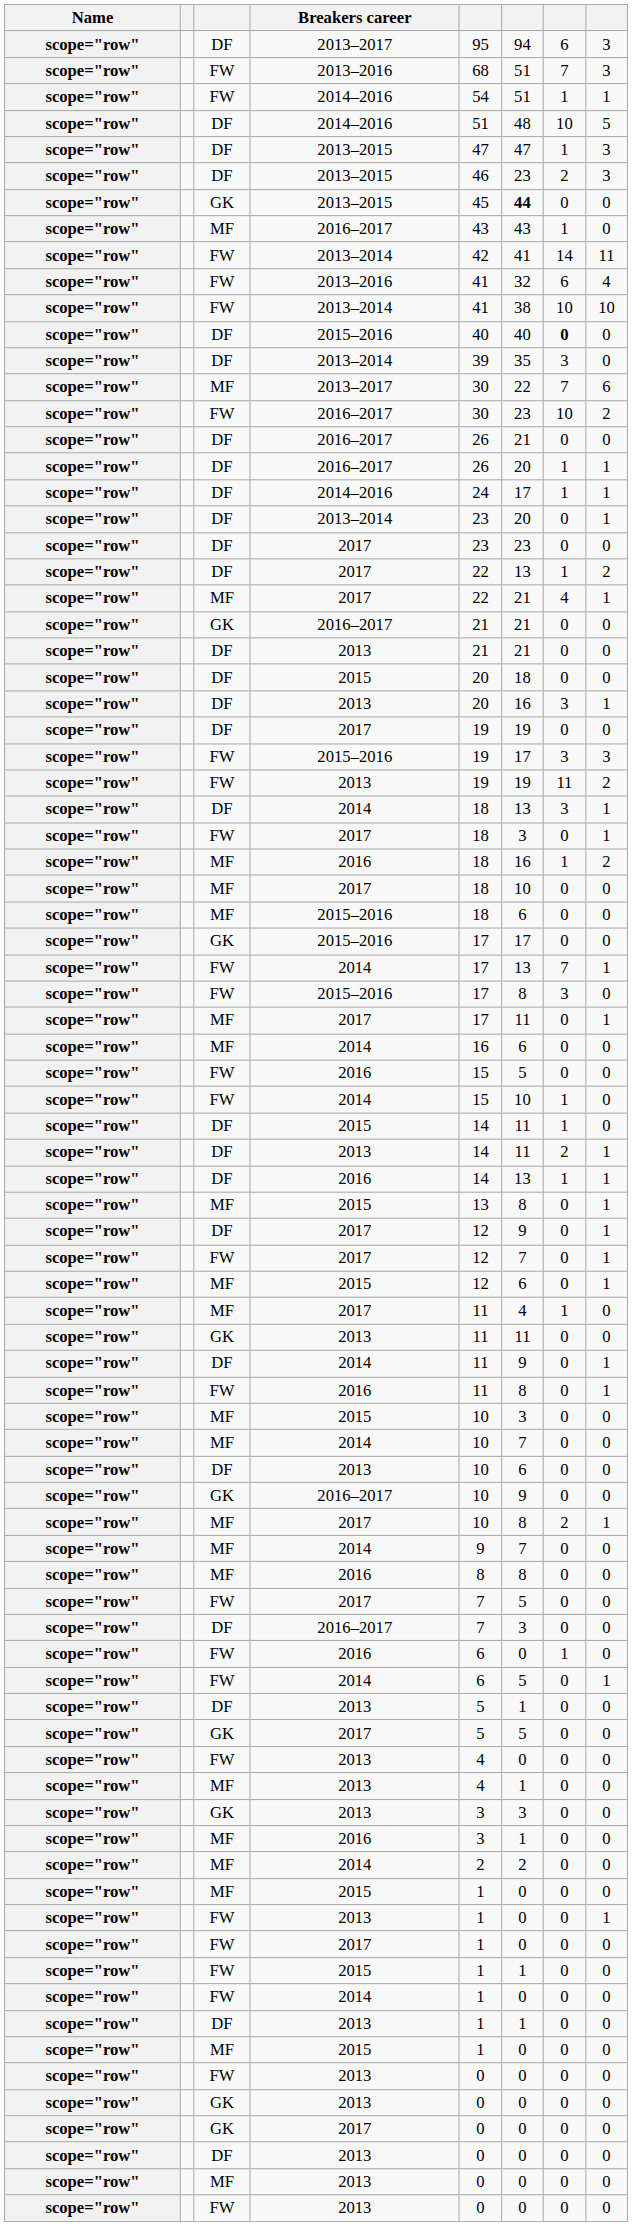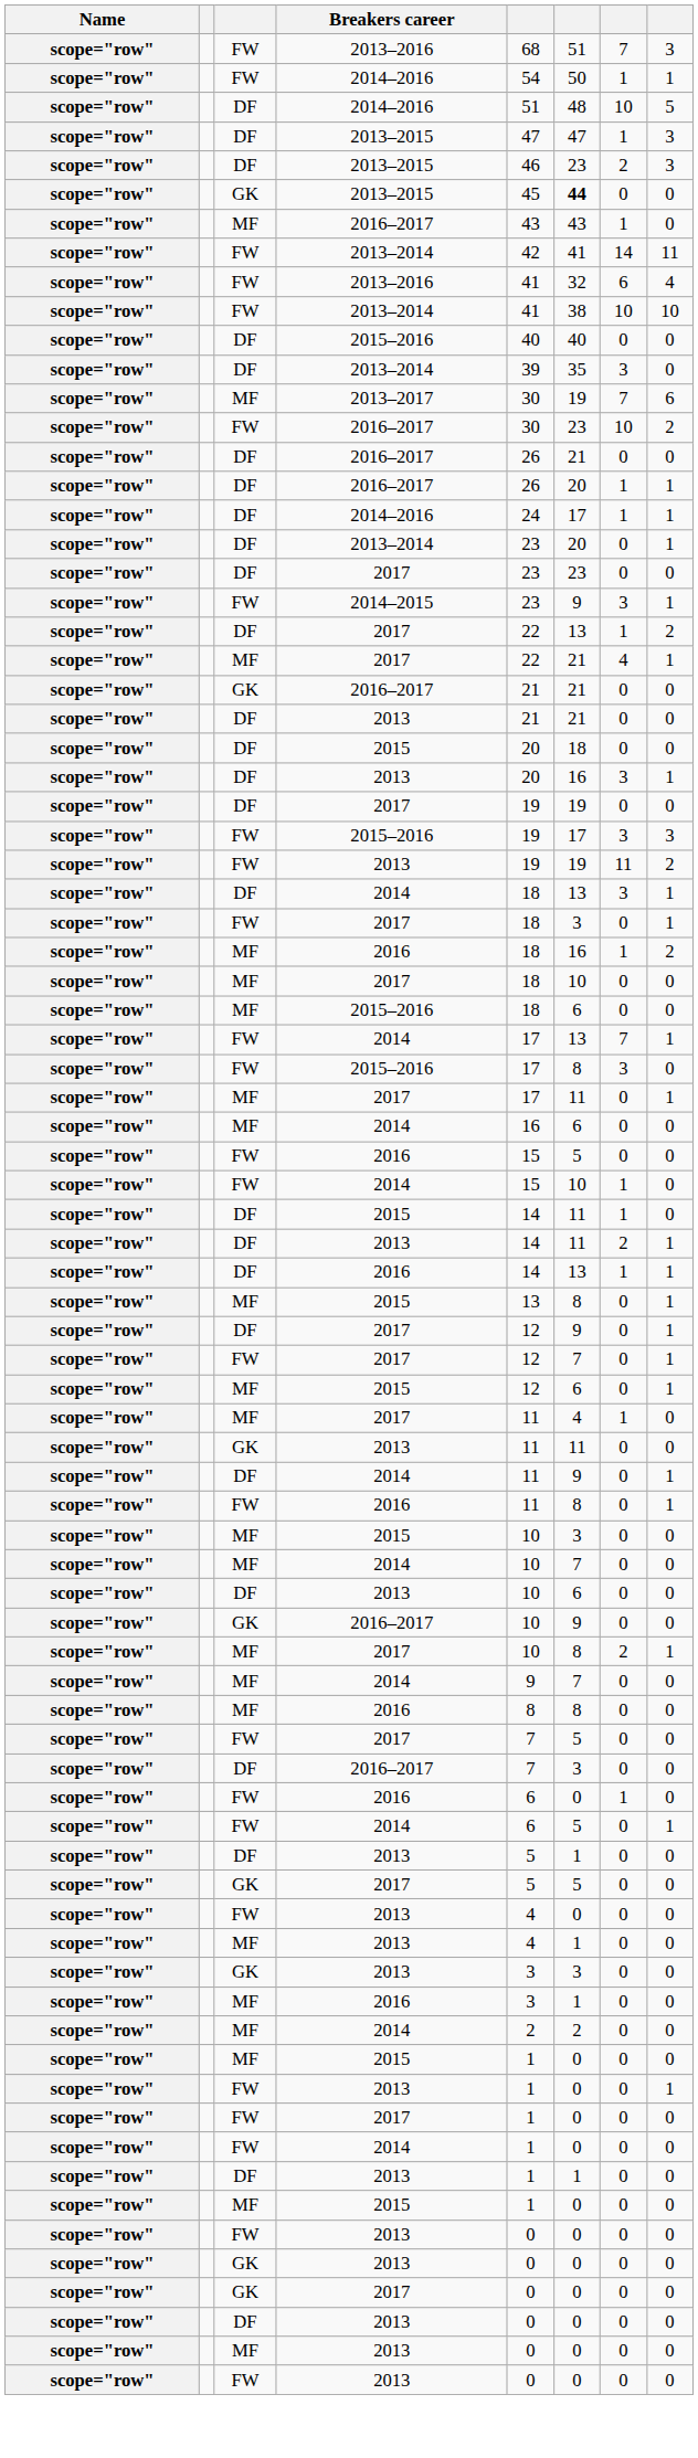 <table class="wikitable sortable" style="text-align:center;width:600px;">
 <tr>
 <th scope="col">Name</th>
 <th scope="col"></th>
 <th scope="col"></th>
 <th scope="col">Breakers career</th>
 <th scope="col"></th>
 <th scope="col"></th>
 <th scope="col"></th>
 <th scope="col"></th>
-</tr>
-<tr>
-<th>scope="row" </th>
-<td></td>
-<td>DF</td>
-<td>2013–2017</td>
-<td>95</td>
-<td>94</td>
-<td>6</td>
-<td>3</td>
 </tr>
 <tr>
 <th>scope="row" </th>
 <td></td>
 <td>FW</td>
 <td>2013–2016</td>
 <td>68</td>
 <td>51</td>
 <td>7</td>
 <td>3</td>
 </tr>
 <tr>
 <th>scope="row" </th>
 <td></td>
 <td>FW</td>
 <td>2014–2016</td>
 <td>54</td>
-<td>51</td>
+<td>50</td>
 <td>1</td>
 <td>1</td>
 </tr>
 <tr>
 <th>scope="row" </th>
 <td></td>
 <td>DF</td>
 <td>2014–2016</td>
 <td>51</td>
 <td>48</td>
 <td>10</td>
 <td>5</td>
 </tr>
 <tr>
 <th>scope="row" </th>
 <td></td>
 <td>DF</td>
 <td>2013–2015</td>
 <td>47</td>
 <td>47</td>
 <td>1</td>
 <td>3</td>
 </tr>
 <tr>
 <th>scope="row" </th>
 <td></td>
 <td>DF</td>
 <td>2013–2015</td>
 <td>46</td>
 <td>23</td>
 <td>2</td>
 <td>3</td>
 </tr>
 <tr>
 <th>scope="row" </th>
 <td></td>
 <td>GK</td>
 <td>2013–2015</td>
 <td>45</td>
 <td><strong>44</strong></td>
 <td>0</td>
 <td>0</td>
 </tr>
 <tr>
 <th>scope="row" </th>
 <td></td>
 <td>MF</td>
 <td>2016–2017</td>
 <td>43</td>
 <td>43</td>
 <td>1</td>
 <td>0</td>
 </tr>
 <tr>
 <th>scope="row" </th>
 <td></td>
 <td>FW</td>
 <td>2013–2014</td>
 <td>42</td>
 <td>41</td>
 <td>14</td>
 <td>11</td>
 </tr>
 <tr>
 <th>scope="row" </th>
 <td></td>
 <td>FW</td>
 <td>2013–2016</td>
 <td>41</td>
 <td>32</td>
 <td>6</td>
 <td>4</td>
 </tr>
 <tr>
 <th>scope="row" </th>
 <td></td>
 <td>FW</td>
 <td>2013–2014</td>
 <td>41</td>
 <td>38</td>
 <td>10</td>
 <td>10</td>
 </tr>
 <tr>
 <th>scope="row" </th>
 <td></td>
 <td>DF</td>
 <td>2015–2016</td>
 <td>40</td>
 <td>40</td>
-<td><strong>0</strong></td>
+<td>0</td>
 <td>0</td>
 </tr>
 <tr>
 <th>scope="row" </th>
 <td></td>
 <td>DF</td>
 <td>2013–2014</td>
 <td>39</td>
 <td>35</td>
 <td>3</td>
 <td>0</td>
 </tr>
 <tr>
 <th>scope="row" </th>
 <td></td>
 <td>MF</td>
 <td>2013–2017</td>
 <td>30</td>
-<td>22</td>
+<td>19</td>
 <td>7</td>
 <td>6</td>
 </tr>
 <tr>
 <th>scope="row" </th>
 <td></td>
 <td>FW</td>
 <td>2016–2017</td>
 <td>30</td>
 <td>23</td>
 <td>10</td>
 <td>2</td>
 </tr>
 <tr>
 <th>scope="row" </th>
 <td></td>
 <td>DF</td>
 <td>2016–2017</td>
 <td>26</td>
 <td>21</td>
 <td>0</td>
 <td>0</td>
 </tr>
 <tr>
 <th>scope="row" </th>
 <td></td>
 <td>DF</td>
 <td>2016–2017</td>
 <td>26</td>
 <td>20</td>
 <td>1</td>
 <td>1</td>
 </tr>
 <tr>
 <th>scope="row" </th>
 <td></td>
 <td>DF</td>
 <td>2014–2016</td>
 <td>24</td>
 <td>17</td>
 <td>1</td>
 <td>1</td>
 </tr>
 <tr>
 <th>scope="row" </th>
 <td></td>
 <td>DF</td>
 <td>2013–2014</td>
 <td>23</td>
 <td>20</td>
 <td>0</td>
 <td>1</td>
 </tr>
 <tr>
 <th>scope="row" </th>
 <td></td>
 <td>DF</td>
 <td>2017</td>
 <td>23</td>
 <td>23</td>
 <td>0</td>
 <td>0</td>
+</tr>
+<tr>
+<th>scope="row" </th>
+<td></td>
+<td>FW</td>
+<td>2014–2015</td>
+<td>23</td>
+<td>9</td>
+<td>3</td>
+<td>1</td>
 </tr>
 <tr>
 <th>scope="row" </th>
 <td></td>
 <td>DF</td>
 <td>2017</td>
 <td>22</td>
 <td>13</td>
 <td>1</td>
 <td>2</td>
 </tr>
 <tr>
 <th>scope="row" </th>
 <td></td>
 <td>MF</td>
 <td>2017</td>
 <td>22</td>
 <td>21</td>
 <td>4</td>
 <td>1</td>
 </tr>
 <tr>
 <th>scope="row" </th>
 <td></td>
 <td>GK</td>
 <td>2016–2017</td>
 <td>21</td>
 <td>21</td>
 <td>0</td>
 <td>0</td>
 </tr>
 <tr>
 <th>scope="row" </th>
 <td></td>
 <td>DF</td>
 <td>2013</td>
 <td>21</td>
 <td>21</td>
 <td>0</td>
 <td>0</td>
 </tr>
 <tr>
 <th>scope="row" </th>
 <td></td>
 <td>DF</td>
 <td>2015</td>
 <td>20</td>
 <td>18</td>
 <td>0</td>
 <td>0</td>
 </tr>
 <tr>
 <th>scope="row" </th>
 <td></td>
 <td>DF</td>
 <td>2013</td>
 <td>20</td>
 <td>16</td>
 <td>3</td>
 <td>1</td>
 </tr>
 <tr>
 <th>scope="row" </th>
 <td></td>
 <td>DF</td>
 <td>2017</td>
 <td>19</td>
 <td>19</td>
 <td>0</td>
 <td>0</td>
 </tr>
 <tr>
 <th>scope="row" </th>
 <td></td>
 <td>FW</td>
 <td>2015–2016</td>
 <td>19</td>
 <td>17</td>
 <td>3</td>
 <td>3</td>
 </tr>
 <tr>
 <th>scope="row" </th>
 <td></td>
 <td>FW</td>
 <td>2013</td>
 <td>19</td>
 <td>19</td>
 <td>11</td>
 <td>2</td>
 </tr>
 <tr>
 <th>scope="row" </th>
 <td></td>
 <td>DF</td>
 <td>2014</td>
 <td>18</td>
 <td>13</td>
 <td>3</td>
 <td>1</td>
 </tr>
 <tr>
 <th>scope="row" </th>
 <td></td>
 <td>FW</td>
 <td>2017</td>
 <td>18</td>
 <td>3</td>
 <td>0</td>
 <td>1</td>
 </tr>
 <tr>
 <th>scope="row" </th>
 <td></td>
 <td>MF</td>
 <td>2016</td>
 <td>18</td>
 <td>16</td>
 <td>1</td>
 <td>2</td>
 </tr>
 <tr>
 <th>scope="row" </th>
 <td></td>
 <td>MF</td>
 <td>2017</td>
 <td>18</td>
 <td>10</td>
 <td>0</td>
 <td>0</td>
 </tr>
 <tr>
 <th>scope="row" </th>
 <td></td>
 <td>MF</td>
 <td>2015–2016</td>
 <td>18</td>
 <td>6</td>
-<td>0</td>
-<td>0</td>
-</tr>
-<tr>
-<th>scope="row" </th>
-<td></td>
-<td>GK</td>
-<td>2015–2016</td>
-<td>17</td>
-<td>17</td>
 <td>0</td>
 <td>0</td>
 </tr>
 <tr>
 <th>scope="row" </th>
 <td></td>
 <td>FW</td>
 <td>2014</td>
 <td>17</td>
 <td>13</td>
 <td>7</td>
 <td>1</td>
 </tr>
 <tr>
 <th>scope="row" </th>
 <td></td>
 <td>FW</td>
 <td>2015–2016</td>
 <td>17</td>
 <td>8</td>
 <td>3</td>
 <td>0</td>
 </tr>
 <tr>
 <th>scope="row" </th>
 <td></td>
 <td>MF</td>
 <td>2017</td>
 <td>17</td>
 <td>11</td>
 <td>0</td>
 <td>1</td>
 </tr>
 <tr>
 <th>scope="row" </th>
 <td></td>
 <td>MF</td>
 <td>2014</td>
 <td>16</td>
 <td>6</td>
 <td>0</td>
 <td>0</td>
 </tr>
 <tr>
 <th>scope="row" </th>
 <td></td>
 <td>FW</td>
 <td>2016</td>
 <td>15</td>
 <td>5</td>
 <td>0</td>
 <td>0</td>
 </tr>
 <tr>
 <th>scope="row" </th>
 <td></td>
 <td>FW</td>
 <td>2014</td>
 <td>15</td>
 <td>10</td>
 <td>1</td>
 <td>0</td>
 </tr>
 <tr>
 <th>scope="row" </th>
 <td></td>
 <td>DF</td>
 <td>2015</td>
 <td>14</td>
 <td>11</td>
 <td>1</td>
 <td>0</td>
 </tr>
 <tr>
 <th>scope="row" </th>
 <td></td>
 <td>DF</td>
 <td>2013</td>
 <td>14</td>
 <td>11</td>
 <td>2</td>
 <td>1</td>
 </tr>
 <tr>
 <th>scope="row" </th>
 <td></td>
 <td>DF</td>
 <td>2016</td>
 <td>14</td>
 <td>13</td>
 <td>1</td>
 <td>1</td>
 </tr>
 <tr>
 <th>scope="row" </th>
 <td></td>
 <td>MF</td>
 <td>2015</td>
 <td>13</td>
 <td>8</td>
 <td>0</td>
 <td>1</td>
 </tr>
 <tr>
 <th>scope="row" </th>
 <td></td>
 <td>DF</td>
 <td>2017</td>
 <td>12</td>
 <td>9</td>
 <td>0</td>
 <td>1</td>
 </tr>
 <tr>
 <th>scope="row" </th>
 <td></td>
 <td>FW</td>
 <td>2017</td>
 <td>12</td>
 <td>7</td>
 <td>0</td>
 <td>1</td>
 </tr>
 <tr>
 <th>scope="row" </th>
 <td></td>
 <td>MF</td>
 <td>2015</td>
 <td>12</td>
 <td>6</td>
 <td>0</td>
 <td>1</td>
 </tr>
 <tr>
 <th>scope="row" </th>
 <td></td>
 <td>MF</td>
 <td>2017</td>
 <td>11</td>
 <td>4</td>
 <td>1</td>
 <td>0</td>
 </tr>
 <tr>
 <th>scope="row" </th>
 <td></td>
 <td>GK</td>
 <td>2013</td>
 <td>11</td>
 <td>11</td>
 <td>0</td>
 <td>0</td>
 </tr>
 <tr>
 <th>scope="row" </th>
 <td></td>
 <td>DF</td>
 <td>2014</td>
 <td>11</td>
 <td>9</td>
 <td>0</td>
 <td>1</td>
 </tr>
 <tr>
 <th>scope="row" </th>
 <td></td>
 <td>FW</td>
 <td>2016</td>
 <td>11</td>
 <td>8</td>
 <td>0</td>
 <td>1</td>
 </tr>
 <tr>
 <th>scope="row" </th>
 <td></td>
 <td>MF</td>
 <td>2015</td>
 <td>10</td>
 <td>3</td>
 <td>0</td>
 <td>0</td>
 </tr>
 <tr>
 <th>scope="row" </th>
 <td></td>
 <td>MF</td>
 <td>2014</td>
 <td>10</td>
 <td>7</td>
 <td>0</td>
 <td>0</td>
 </tr>
 <tr>
 <th>scope="row" </th>
 <td></td>
 <td>DF</td>
 <td>2013</td>
 <td>10</td>
 <td>6</td>
 <td>0</td>
 <td>0</td>
 </tr>
 <tr>
 <th>scope="row" </th>
 <td></td>
 <td>GK</td>
 <td>2016–2017</td>
 <td>10</td>
 <td>9</td>
 <td>0</td>
 <td>0</td>
 </tr>
 <tr>
 <th>scope="row" </th>
 <td></td>
 <td>MF</td>
 <td>2017</td>
 <td>10</td>
 <td>8</td>
 <td>2</td>
 <td>1</td>
 </tr>
 <tr>
 <th>scope="row" </th>
 <td></td>
 <td>MF</td>
 <td>2014</td>
 <td>9</td>
 <td>7</td>
 <td>0</td>
 <td>0</td>
 </tr>
 <tr>
 <th>scope="row" </th>
 <td></td>
 <td>MF</td>
 <td>2016</td>
 <td>8</td>
 <td>8</td>
 <td>0</td>
 <td>0</td>
 </tr>
 <tr>
 <th>scope="row" </th>
 <td></td>
 <td>FW</td>
 <td>2017</td>
 <td>7</td>
 <td>5</td>
 <td>0</td>
 <td>0</td>
 </tr>
 <tr>
 <th>scope="row" </th>
 <td></td>
 <td>DF</td>
 <td>2016–2017</td>
 <td>7</td>
 <td>3</td>
 <td>0</td>
 <td>0</td>
 </tr>
 <tr>
 <th>scope="row" </th>
 <td></td>
 <td>FW</td>
 <td>2016</td>
 <td>6</td>
 <td>0</td>
 <td>1</td>
 <td>0</td>
 </tr>
 <tr>
 <th>scope="row" </th>
 <td></td>
 <td>FW</td>
 <td>2014</td>
 <td>6</td>
 <td>5</td>
 <td>0</td>
 <td>1</td>
 </tr>
 <tr>
 <th>scope="row" </th>
 <td></td>
 <td>DF</td>
 <td>2013</td>
 <td>5</td>
 <td>1</td>
 <td>0</td>
 <td>0</td>
 </tr>
 <tr>
 <th>scope="row" </th>
 <td></td>
 <td>GK</td>
 <td>2017</td>
 <td>5</td>
 <td>5</td>
 <td>0</td>
 <td>0</td>
 </tr>
 <tr>
 <th>scope="row" </th>
 <td></td>
 <td>FW</td>
 <td>2013</td>
 <td>4</td>
 <td>0</td>
 <td>0</td>
 <td>0</td>
 </tr>
 <tr>
 <th>scope="row" </th>
 <td></td>
 <td>MF</td>
 <td>2013</td>
 <td>4</td>
 <td>1</td>
 <td>0</td>
 <td>0</td>
 </tr>
 <tr>
 <th>scope="row" </th>
 <td></td>
 <td>GK</td>
 <td>2013</td>
 <td>3</td>
 <td>3</td>
 <td>0</td>
 <td>0</td>
 </tr>
 <tr>
 <th>scope="row" </th>
 <td></td>
 <td>MF</td>
 <td>2016</td>
 <td>3</td>
 <td>1</td>
 <td>0</td>
 <td>0</td>
 </tr>
 <tr>
 <th>scope="row" </th>
 <td></td>
 <td>MF</td>
 <td>2014</td>
 <td>2</td>
 <td>2</td>
 <td>0</td>
 <td>0</td>
 </tr>
 <tr>
 <th>scope="row" </th>
 <td></td>
 <td>MF</td>
 <td>2015</td>
 <td>1</td>
 <td>0</td>
 <td>0</td>
 <td>0</td>
 </tr>
 <tr>
 <th>scope="row" </th>
 <td></td>
 <td>FW</td>
 <td>2013</td>
 <td>1</td>
 <td>0</td>
 <td>0</td>
 <td>1</td>
 </tr>
 <tr>
 <th>scope="row" </th>
 <td></td>
 <td>FW</td>
 <td>2017</td>
 <td>1</td>
 <td>0</td>
 <td>0</td>
 <td>0</td>
 </tr>
 <tr>
 <th>scope="row" </th>
 <td></td>
 <td>FW</td>
-<td>2015</td>
-<td>1</td>
-<td>1</td>
-<td>0</td>
-<td>0</td>
-</tr>
-<tr>
-<th>scope="row" </th>
-<td></td>
-<td>FW</td>
 <td>2014</td>
 <td>1</td>
 <td>0</td>
 <td>0</td>
 <td>0</td>
 </tr>
 <tr>
 <th>scope="row" </th>
 <td></td>
 <td>DF</td>
 <td>2013</td>
 <td>1</td>
 <td>1</td>
 <td>0</td>
 <td>0</td>
 </tr>
 <tr>
 <th>scope="row" </th>
 <td></td>
 <td>MF</td>
 <td>2015</td>
 <td>1</td>
 <td>0</td>
 <td>0</td>
 <td>0</td>
 </tr>
 <tr>
 <th>scope="row" </th>
 <td></td>
 <td>FW</td>
 <td>2013</td>
 <td>0</td>
 <td>0</td>
 <td>0</td>
 <td>0</td>
 </tr>
 <tr>
 <th>scope="row" </th>
 <td></td>
 <td>GK</td>
 <td>2013</td>
 <td>0</td>
 <td>0</td>
 <td>0</td>
 <td>0</td>
 </tr>
 <tr>
 <th>scope="row" </th>
 <td></td>
 <td>GK</td>
 <td>2017</td>
 <td>0</td>
 <td>0</td>
 <td>0</td>
 <td>0</td>
 </tr>
 <tr>
 <th>scope="row" </th>
 <td></td>
 <td>DF</td>
 <td>2013</td>
 <td>0</td>
 <td>0</td>
 <td>0</td>
 <td>0</td>
 </tr>
 <tr>
 <th>scope="row" </th>
 <td></td>
 <td>MF</td>
 <td>2013</td>
 <td>0</td>
 <td>0</td>
 <td>0</td>
 <td>0</td>
 </tr>
 <tr>
 <th>scope="row" </th>
 <td></td>
 <td>FW</td>
 <td>2013</td>
 <td>0</td>
 <td>0</td>
 <td>0</td>
 <td>0</td>
 </tr>
 <tr>
 </tr>
 </table>
